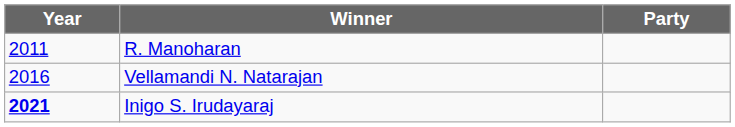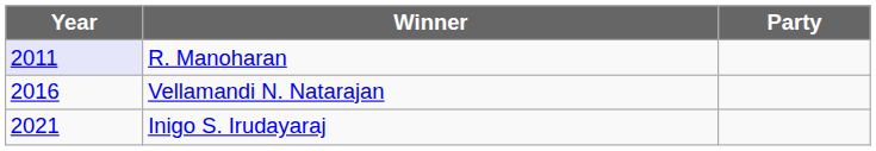 <table class="wikitable" width="50%">
 <tr>
 <th style="background-color:#666666; color:white">Year</th>
 <th style="background-color:#666666; color:white">Winner</th>
 <th style="background-color:#666666; color:white" colspan="2">Party</th>
 </tr>
 <tr>
-<td><a href='#'>2011</a></td>
+<td style="background: lavender;"><a href='#'>2011</a></td>
 <td><a href='#'>R. Manoharan</a></td>
 <td></td>
 </tr>
 <tr>
 <td><a href='#'>2016</a></td>
 <td><a href='#'>Vellamandi N. Natarajan</a></td>
 </tr>
 <tr>
-<td><strong><a href='#'>2021</a></strong></td>
+<td><a href='#'>2021</a></td>
 <td><a href='#'>Inigo S. Irudayaraj</a></td>
 <td></td>
 </tr>
 </table>
